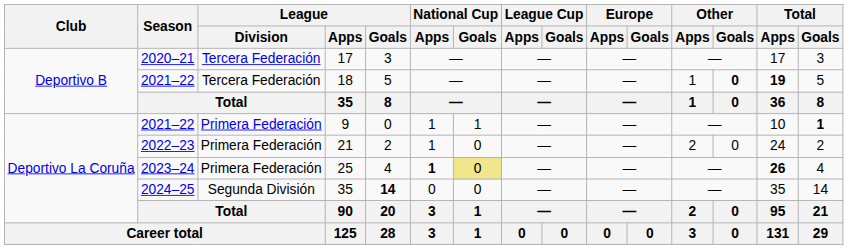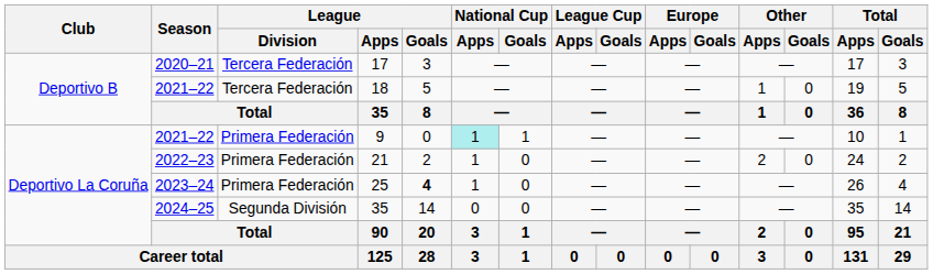 <table class="wikitable" style="text-align:center">
 <tr>
 <th rowspan="2">Club</th>
 <th rowspan="2">Season</th>
 <th colspan="3">League</th>
 <th colspan="2">National Cup</th>
 <th colspan="2">League Cup</th>
 <th colspan="2">Europe</th>
 <th colspan="2">Other</th>
 <th colspan="2">Total</th>
 </tr>
 <tr>
 <th>Division</th>
 <th>Apps</th>
 <th>Goals</th>
 <th>Apps</th>
 <th>Goals</th>
 <th>Apps</th>
 <th>Goals</th>
 <th>Apps</th>
 <th>Goals</th>
 <th>Apps</th>
 <th>Goals</th>
 <th>Apps</th>
 <th>Goals</th>
 </tr>
 <tr>
 <td rowspan="3"><a href='#'>Deportivo B</a></td>
 <td><a href='#'>2020–21</a></td>
 <td><a href='#'>Tercera Federación</a></td>
 <td>17</td>
 <td>3</td>
 <td colspan="2">—</td>
 <td colspan="2">—</td>
 <td colspan="2">—</td>
 <td colspan="2">—</td>
 <td>17</td>
 <td>3</td>
 </tr>
 <tr>
 <td><a href='#'>2021–22</a></td>
 <td>Tercera Federación</td>
 <td>18</td>
 <td>5</td>
 <td colspan="2">—</td>
 <td colspan="2">—</td>
 <td colspan="2">—</td>
 <td>1</td>
-<td><strong>0</strong></td>
-<td><strong>19</strong></td>
+<td>0</td>
+<td>19</td>
 <td>5</td>
 </tr>
 <tr>
 <th colspan="2">Total</th>
 <th>35</th>
 <th>8</th>
 <th colspan="2">—</th>
 <th colspan="2">—</th>
 <th colspan="2">—</th>
 <th>1</th>
 <th>0</th>
 <th>36</th>
 <th>8</th>
 </tr>
 <tr>
 <td rowspan="5"><a href='#'>Deportivo La Coruña</a></td>
 <td><a href='#'>2021–22</a></td>
 <td><a href='#'>Primera Federación</a></td>
 <td>9</td>
 <td>0</td>
-<td>1</td>
+<td style="background: paleturquoise;">1</td>
 <td>1</td>
 <td colspan="2">—</td>
 <td colspan="2">—</td>
 <td colspan="2">—</td>
 <td>10</td>
-<td><strong>1</strong></td>
+<td>1</td>
 </tr>
 <tr>
 <td><a href='#'>2022–23</a></td>
 <td>Primera Federación</td>
 <td>21</td>
 <td>2</td>
 <td>1</td>
 <td>0</td>
 <td colspan="2">—</td>
 <td colspan="2">—</td>
 <td>2</td>
 <td>0</td>
 <td>24</td>
 <td>2</td>
 </tr>
 <tr>
 <td><a href='#'>2023–24</a></td>
 <td>Primera Federación</td>
 <td>25</td>
-<td>4</td>
-<td><strong>1</strong></td>
-<td style="background: khaki;">0</td>
+<td><strong>4</strong></td>
+<td>1</td>
+<td>0</td>
 <td colspan="2">—</td>
 <td colspan="2">—</td>
 <td colspan="2">—</td>
-<td><strong>26</strong></td>
+<td>26</td>
 <td>4</td>
 </tr>
 <tr>
 <td><a href='#'>2024–25</a></td>
 <td>Segunda División</td>
 <td>35</td>
-<td><strong>14</strong></td>
+<td>14</td>
 <td>0</td>
 <td>0</td>
 <td colspan="2">—</td>
 <td colspan="2">—</td>
 <td colspan="2">—</td>
 <td>35</td>
 <td>14</td>
 </tr>
 <tr>
 <th colspan="2">Total</th>
 <th>90</th>
 <th>20</th>
 <th>3</th>
 <th>1</th>
 <th colspan="2">—</th>
 <th colspan="2">—</th>
 <th>2</th>
 <th>0</th>
 <th>95</th>
 <th>21</th>
 </tr>
 <tr>
 <th colspan="3">Career total</th>
 <th>125</th>
 <th>28</th>
 <th>3</th>
 <th>1</th>
 <th>0</th>
 <th>0</th>
 <th>0</th>
 <th>0</th>
 <th>3</th>
 <th>0</th>
 <th>131</th>
 <th>29</th>
 </tr>
 </table>
